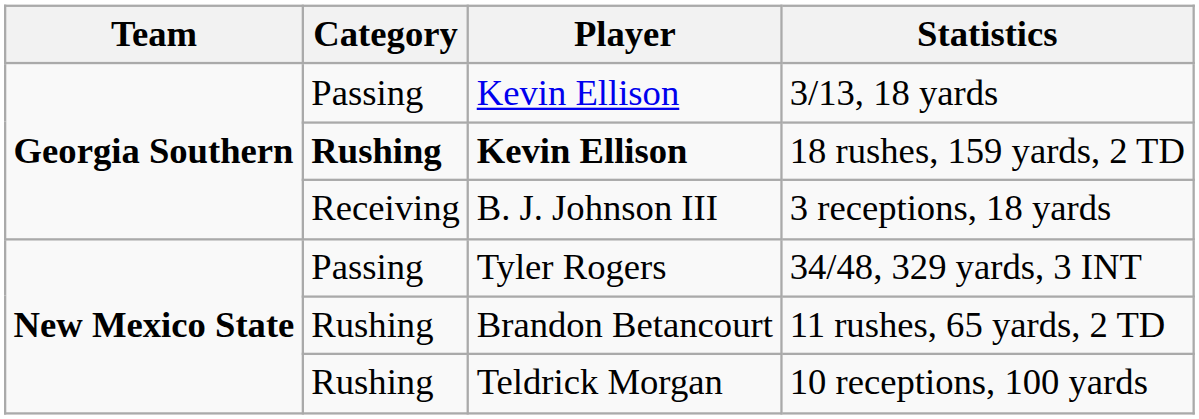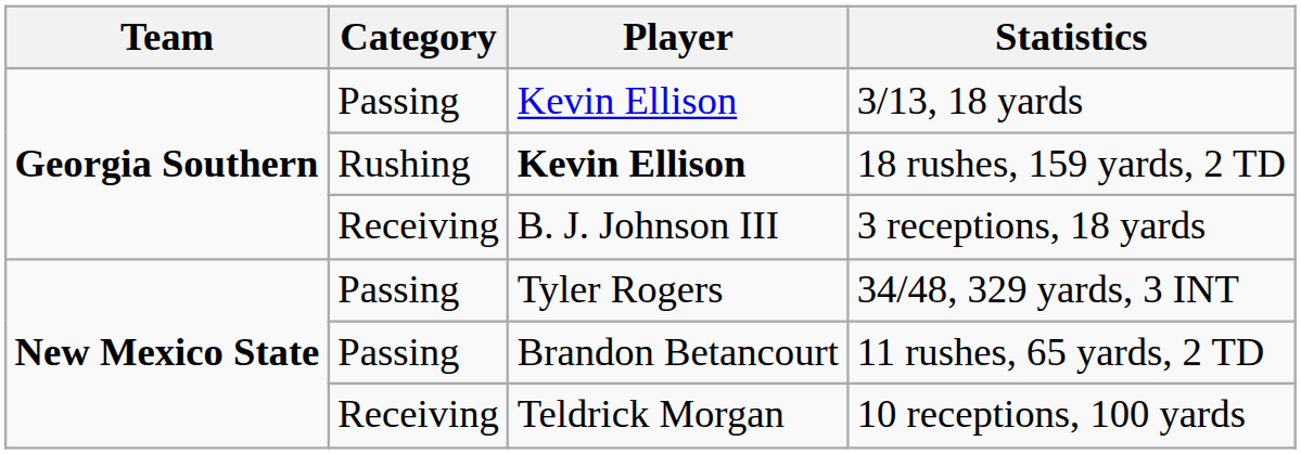 <table class="wikitable" style="float: left;">
 <tr>
 <th>Team</th>
 <th>Category</th>
 <th>Player</th>
 <th>Statistics</th>
 </tr>
 <tr>
 <td rowspan=3><strong>Georgia Southern</strong></td>
 <td>Passing</td>
 <td><a href='#'>Kevin Ellison</a></td>
 <td>3/13, 18 yards</td>
 </tr>
 <tr>
-<td><strong>Rushing</strong></td>
+<td>Rushing</td>
 <td><strong>Kevin Ellison</strong></td>
 <td>18 rushes, 159 yards, 2 TD</td>
 </tr>
 <tr>
 <td>Receiving</td>
 <td>B. J. Johnson III</td>
 <td>3 receptions, 18 yards</td>
 </tr>
 <tr>
 <td rowspan=3><strong>New Mexico State</strong></td>
 <td>Passing</td>
 <td>Tyler Rogers</td>
 <td>34/48, 329 yards, 3 INT</td>
 </tr>
 <tr>
-<td>Rushing</td>
+<td>Passing</td>
 <td>Brandon Betancourt</td>
 <td>11 rushes, 65 yards, 2 TD</td>
 </tr>
 <tr>
-<td>Rushing</td>
+<td>Receiving</td>
 <td>Teldrick Morgan</td>
 <td>10 receptions, 100 yards</td>
 </tr>
 </table>
